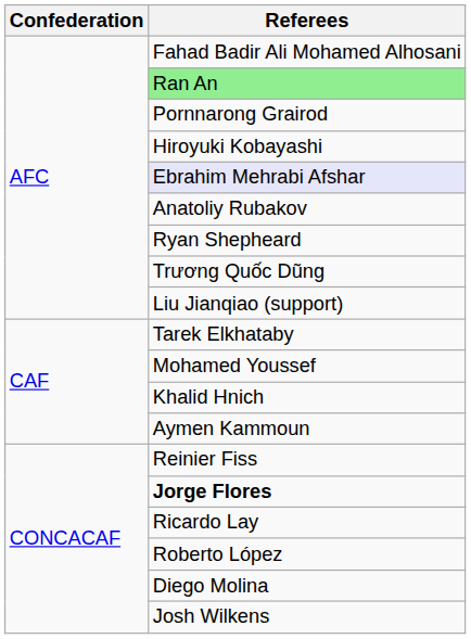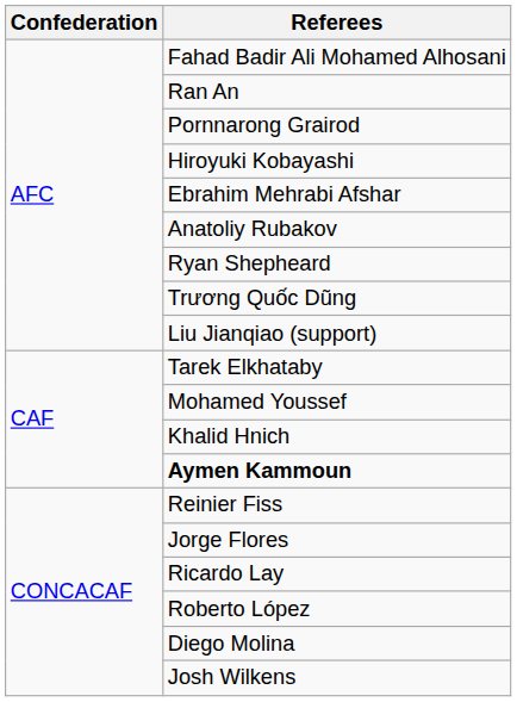 <table class="wikitable">
 <tr>
 <th>Confederation</th>
 <th>Referees</th>
 </tr>
 <tr>
 <td rowspan="9"><a href='#'>AFC</a></td>
 <td> Fahad Badir Ali Mohamed Alhosani</td>
 </tr>
 <tr>
-<td style="background: lightgreen;"> Ran An</td>
+<td> Ran An</td>
 </tr>
 <tr>
 <td> Pornnarong Grairod</td>
 </tr>
 <tr>
 <td> Hiroyuki Kobayashi</td>
 </tr>
 <tr>
-<td style="background: lavender;"> Ebrahim Mehrabi Afshar</td>
+<td> Ebrahim Mehrabi Afshar</td>
 </tr>
 <tr>
 <td> Anatoliy Rubakov</td>
 </tr>
 <tr>
 <td> Ryan Shepheard</td>
 </tr>
 <tr>
 <td> Trương Quốc Dũng</td>
 </tr>
 <tr>
 <td> Liu Jianqiao (support)</td>
 </tr>
 <tr>
 <td rowspan="4"><a href='#'>CAF</a></td>
 <td> Tarek Elkhataby</td>
 </tr>
 <tr>
 <td> Mohamed Youssef</td>
 </tr>
 <tr>
 <td> Khalid Hnich</td>
 </tr>
 <tr>
-<td> Aymen Kammoun</td>
+<td><strong> Aymen Kammoun</strong></td>
 </tr>
 <tr>
 <td rowspan="6"><a href='#'>CONCACAF</a></td>
 <td> Reinier Fiss</td>
 </tr>
 <tr>
-<td><strong> Jorge Flores</strong></td>
+<td> Jorge Flores</td>
 </tr>
 <tr>
 <td> Ricardo Lay</td>
 </tr>
 <tr>
 <td> Roberto López</td>
 </tr>
 <tr>
 <td> Diego Molina</td>
 </tr>
 <tr>
 <td> Josh Wilkens</td>
 </tr>
 </table>
